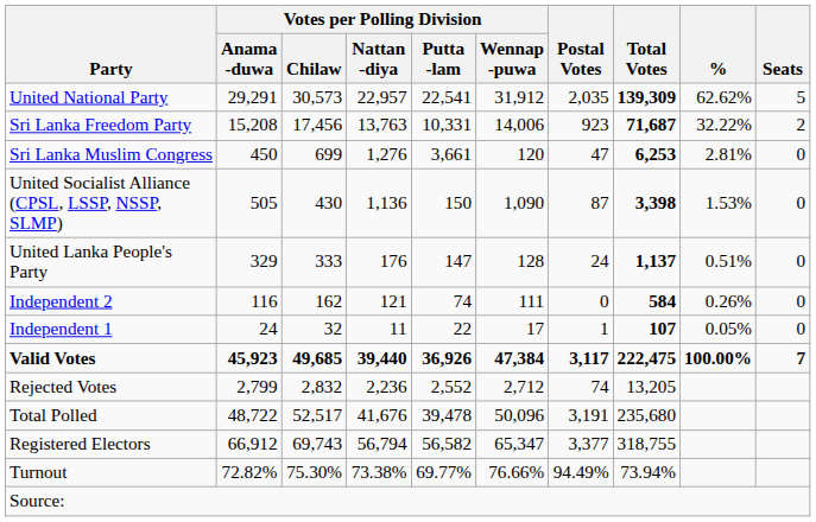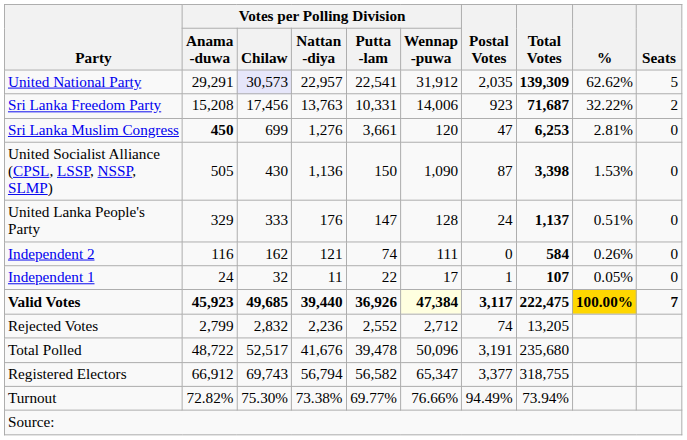 <table class="wikitable" border="1" style="text-align:right;">
 <tr>
 <th align=left valign=bottom rowspan=2 width="180">Party</th>
 <th colspan=5>Votes per Polling Division</th>
 <th align=center valign=bottom rowspan=2 width="50">Postal<br>Votes</th>
 <th align=center valign=bottom rowspan=2 width="50">Total Votes</th>
 <th align=center valign=bottom rowspan=2 width="50">%</th>
 <th align=center valign=bottom rowspan=2 width="40">Seats</th>
 </tr>
 <tr>
 <th align=center valign=bottom width="50">Anama<br>-duwa</th>
 <th align=center valign=bottom width="50">Chilaw</th>
 <th align=center valign=bottom width="50">Nattan<br>-diya</th>
 <th align=center valign=bottom width="50">Putta<br>-lam</th>
 <th align=center valign=bottom width="50">Wennap<br>-puwa</th>
 </tr>
 <tr>
 <td align=left><a href='#'>United National Party</a></td>
 <td>29,291</td>
-<td>30,573</td>
+<td style="background: lavender;">30,573</td>
 <td>22,957</td>
 <td>22,541</td>
 <td>31,912</td>
 <td>2,035</td>
 <td><strong>139,309</strong></td>
 <td>62.62%</td>
 <td>5</td>
 </tr>
 <tr>
 <td align=left><a href='#'>Sri Lanka Freedom Party</a></td>
 <td>15,208</td>
 <td>17,456</td>
 <td>13,763</td>
 <td>10,331</td>
 <td>14,006</td>
 <td>923</td>
 <td><strong>71,687</strong></td>
 <td>32.22%</td>
 <td>2</td>
 </tr>
 <tr>
 <td align=left><a href='#'>Sri Lanka Muslim Congress</a></td>
-<td>450</td>
+<td><strong>450</strong></td>
 <td>699</td>
 <td>1,276</td>
 <td>3,661</td>
 <td>120</td>
 <td>47</td>
 <td><strong>6,253</strong></td>
 <td>2.81%</td>
 <td>0</td>
 </tr>
 <tr>
 <td align=left>United Socialist Alliance<br>(<a href='#'>CPSL</a>, <a href='#'>LSSP</a>, <a href='#'>NSSP</a>, <a href='#'>SLMP</a>)</td>
 <td>505</td>
 <td>430</td>
 <td>1,136</td>
 <td>150</td>
 <td>1,090</td>
 <td>87</td>
 <td><strong>3,398</strong></td>
 <td>1.53%</td>
 <td>0</td>
 </tr>
 <tr>
 <td align=left>United Lanka People's Party</td>
 <td>329</td>
 <td>333</td>
 <td>176</td>
 <td>147</td>
 <td>128</td>
 <td>24</td>
 <td><strong>1,137</strong></td>
 <td>0.51%</td>
 <td>0</td>
 </tr>
 <tr>
 <td align=left><a href='#'>Independent 2</a></td>
 <td>116</td>
 <td>162</td>
 <td>121</td>
 <td>74</td>
 <td>111</td>
 <td>0</td>
 <td><strong>584</strong></td>
 <td>0.26%</td>
 <td>0</td>
 </tr>
 <tr>
 <td align=left><a href='#'>Independent 1</a></td>
 <td>24</td>
 <td>32</td>
 <td>11</td>
 <td>22</td>
 <td>17</td>
 <td>1</td>
 <td><strong>107</strong></td>
 <td>0.05%</td>
 <td>0</td>
 </tr>
 <tr>
 <td align=left><strong>Valid Votes</strong></td>
 <td><strong>45,923</strong></td>
 <td><strong>49,685</strong></td>
 <td><strong>39,440</strong></td>
 <td><strong>36,926</strong></td>
-<td><strong>47,384</strong></td>
+<td style="background: lightyellow;"><strong>47,384</strong></td>
 <td><strong>3,117</strong></td>
 <td><strong>222,475</strong></td>
-<td><strong>100.00%</strong></td>
+<td style="background: gold;"><strong>100.00%</strong></td>
 <td><strong>7</strong></td>
 </tr>
 <tr>
 <td align=left>Rejected Votes</td>
 <td>2,799</td>
 <td>2,832</td>
 <td>2,236</td>
 <td>2,552</td>
 <td>2,712</td>
 <td>74</td>
 <td>13,205</td>
 <td></td>
 <td></td>
 </tr>
 <tr>
 <td align=left>Total Polled</td>
 <td>48,722</td>
 <td>52,517</td>
 <td>41,676</td>
 <td>39,478</td>
 <td>50,096</td>
 <td>3,191</td>
 <td>235,680</td>
 <td></td>
 <td></td>
 </tr>
 <tr>
 <td align=left>Registered Electors</td>
 <td>66,912</td>
 <td>69,743</td>
 <td>56,794</td>
 <td>56,582</td>
 <td>65,347</td>
 <td>3,377</td>
 <td>318,755</td>
 <td></td>
 <td></td>
 </tr>
 <tr>
 <td align=left>Turnout</td>
 <td>72.82%</td>
 <td>75.30%</td>
 <td>73.38%</td>
 <td>69.77%</td>
 <td>76.66%</td>
 <td>94.49%</td>
 <td>73.94%</td>
 <td></td>
 <td></td>
 </tr>
 <tr>
 <td align=left colspan=11>Source:</td>
 </tr>
 </table>
